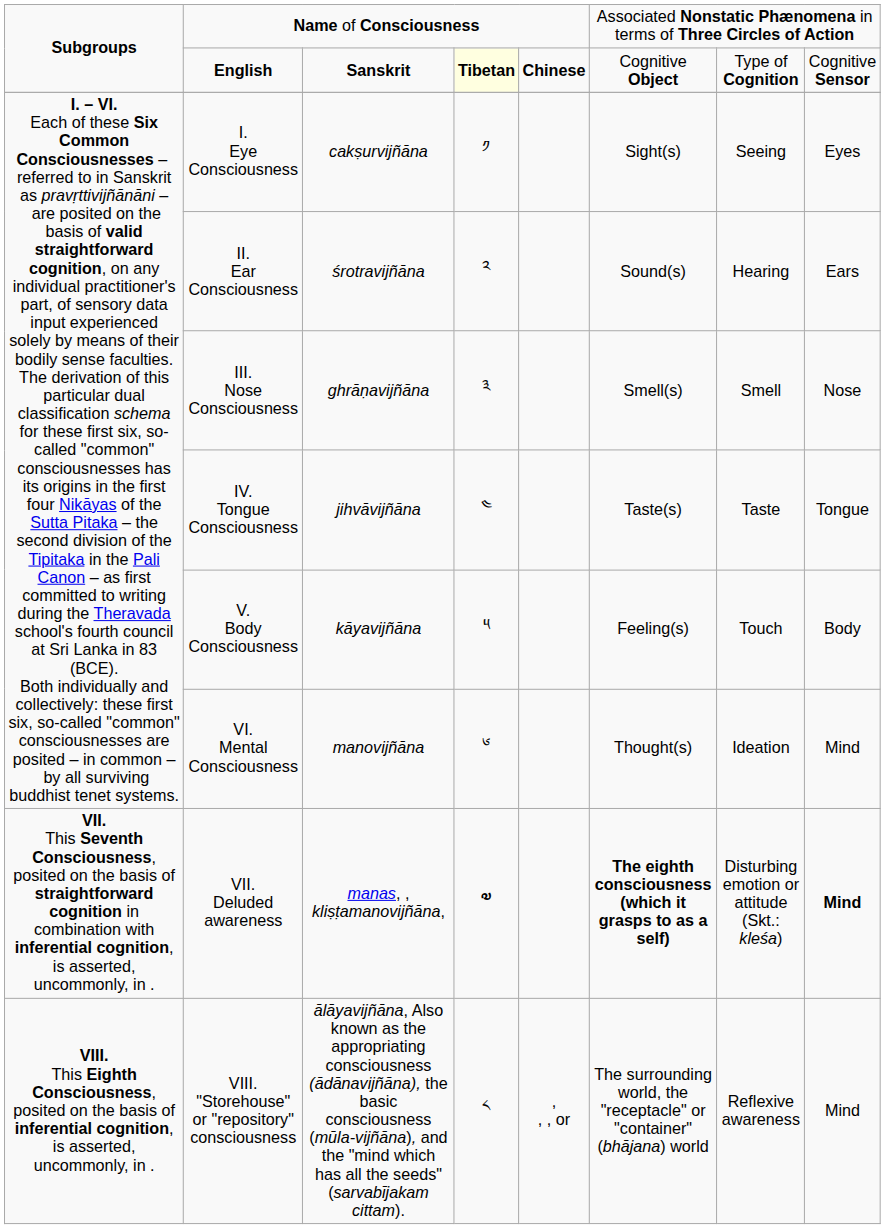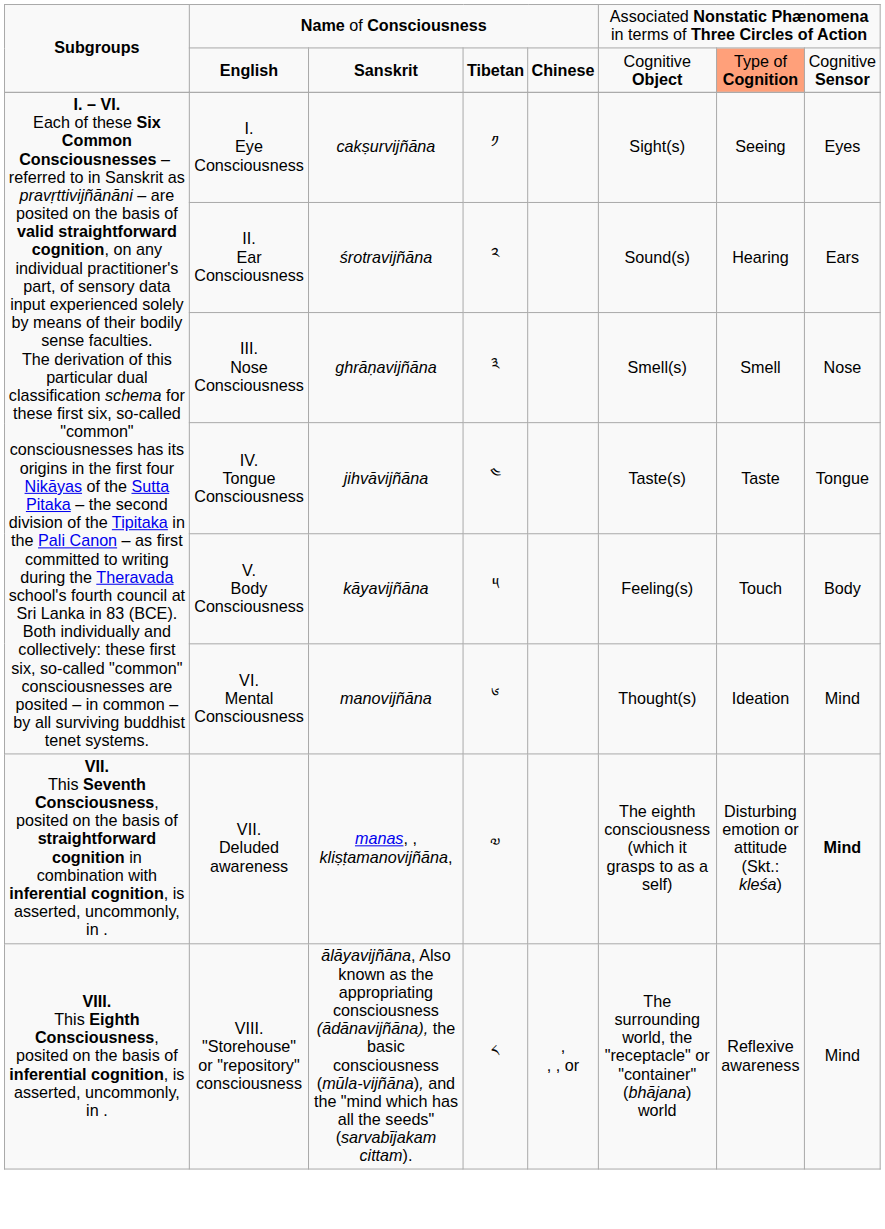 <table class="wikitable" style="text-align: center;" cellspacing="0" cellpadding="5" border="1">
 <tr>
 <td rowspan="2"><strong>Subgroups</strong></td>
 <td colspan="4"><strong>Name</strong> of <strong>Consciousness</strong></td>
 <td colspan="3">Associated <strong>Nonstatic Phænomena</strong> in terms of <strong>Three Circles of Action</strong></td>
 </tr>
 <tr>
 <td><strong>English</strong></td>
 <td><strong>Sanskrit</strong></td>
-<td style="background: lightyellow;"><strong>Tibetan</strong></td>
+<td><strong>Tibetan</strong></td>
 <td><strong>Chinese</strong></td>
 <td>Cognitive <strong>Object</strong></td>
-<td>Type of <strong>Cognition</strong></td>
+<td style="background: lightsalmon;">Type of <strong>Cognition</strong></td>
 <td>Cognitive <strong>Sensor</strong></td>
 </tr>
 <tr>
 </tr>
 <tr>
 <td rowspan="7"><strong>I. – VI.</strong><br>Each of these <strong>Six Common Consciousnesses</strong> –  referred to in Sanskrit as <em>pravṛttivijñānāni</em> – are posited on the basis of <strong>valid straightforward cognition</strong>, on any individual practitioner's part, of sensory data input experienced solely by means of their bodily sense faculties.<br>The derivation of this particular dual classification <em>schema</em> for these first six, so-called "common" consciousnesses has its origins in the first four <a href='#'>Nikāyas</a> of the <a href='#'>Sutta Pitaka</a> – the second division of the <a href='#'>Tipitaka</a> in the <a href='#'>Pali Canon</a> – as first committed to writing during the <a href='#'>Theravada</a> school's fourth council at Sri Lanka in 83 (BCE).<br>Both individually and collectively: these first six, so-called "common" consciousnesses are posited – in common – by all surviving buddhist tenet systems.</td>
 </tr>
 <tr>
 <td>I.<br>Eye Consciousness</td>
 <td><em>cakṣurvijñāna</em></td>
 <td>༡<br></td>
 <td></td>
 <td>Sight(s)</td>
 <td>Seeing</td>
 <td>Eyes</td>
 </tr>
 <tr>
 <td>II.<br>Ear Consciousness</td>
 <td><em>śrotravijñāna</em></td>
 <td>༢<br></td>
 <td></td>
 <td>Sound(s)</td>
 <td>Hearing</td>
 <td>Ears</td>
 </tr>
 <tr>
 <td>III.<br>Nose Consciousness</td>
 <td><em>ghrāṇavijñāna</em></td>
 <td>༣<br></td>
 <td></td>
 <td>Smell(s)</td>
 <td>Smell</td>
 <td>Nose</td>
 </tr>
 <tr>
 <td>IV.<br>Tongue Consciousness</td>
 <td><em>jihvāvijñāna</em></td>
 <td>༤<br></td>
 <td></td>
 <td>Taste(s)</td>
 <td>Taste</td>
 <td>Tongue</td>
 </tr>
 <tr>
 <td>V.<br>Body Consciousness</td>
 <td><em>kāyavijñāna</em></td>
 <td>༥<br></td>
 <td></td>
 <td>Feeling(s)</td>
 <td>Touch</td>
 <td>Body</td>
 </tr>
 <tr>
 <td>VI.<br>Mental Consciousness</td>
 <td><em>manovijñāna</em></td>
 <td>༦<br></td>
 <td></td>
 <td>Thought(s)</td>
 <td>Ideation</td>
 <td>Mind</td>
 </tr>
 <tr>
 <td><strong>VII.</strong><br>This <strong>Seventh Consciousness</strong>, posited on the basis of <strong>straightforward cognition</strong> in combination with <strong>inferential cognition</strong>, is asserted, uncommonly, in .</td>
 <td>VII.<br>Deluded awareness</td>
 <td><em><a href='#'>manas</a></em>, <em></em>, <em>kliṣṭamanovijñāna</em>,</td>
-<td><strong>༧<br></strong></td>
+<td>༧<br></td>
 <td></td>
-<td><strong>The eighth consciousness (which it grasps to as a self)</strong></td>
+<td>The eighth consciousness (which it grasps to as a self)</td>
 <td>Disturbing emotion or attitude (Skt.: <em>kleśa</em>)</td>
 <td><strong>Mind</strong></td>
 </tr>
 <tr>
 <td><strong>VIII.</strong><br>This <strong>Eighth Consciousness</strong>, posited on the basis of <strong>inferential cognition</strong>, is asserted, uncommonly, in .</td>
 <td>VIII.<br>"Storehouse" or "repository" consciousness </td>
 <td><em>ālāyavijñāna</em>, Also known as the appropriating consciousness <em>(ādānavijñāna),</em> the basic consciousness (<em>mūla-vijñāna</em>)<em>,</em> and the "mind which has all the seeds" (<em>sarvabījakam cittam</em>).</td>
 <td>༨<br></td>
 <td>,<br>, , or </td>
 <td>The surrounding world, the "receptacle" or "container"  (<em>bhājana</em>) world </td>
 <td>Reflexive awareness</td>
 <td>Mind</td>
 </tr>
 </table>
